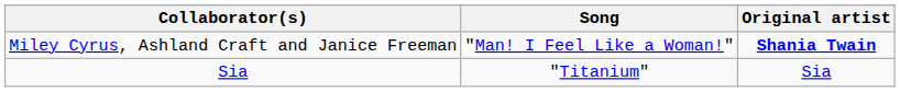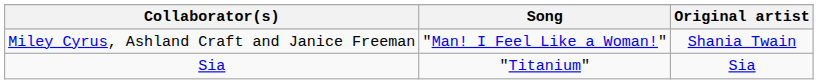 <table class="wikitable" style="text-align:center;">
 <tr>
 </tr>
 <tr>
 <th>Collaborator(s)</th>
 <th>Song</th>
 <th>Original artist</th>
 </tr>
 <tr>
 <td><a href='#'>Miley Cyrus</a>, Ashland Craft and Janice Freeman</td>
 <td>"<a href='#'>Man! I Feel Like a Woman!</a>"</td>
-<td><strong><a href='#'>Shania Twain</a></strong></td>
+<td><a href='#'>Shania Twain</a></td>
 </tr>
 <tr>
 <td><a href='#'>Sia</a></td>
 <td>"<a href='#'>Titanium</a>"</td>
 <td><a href='#'>Sia</a></td>
 </tr>
 </table>
